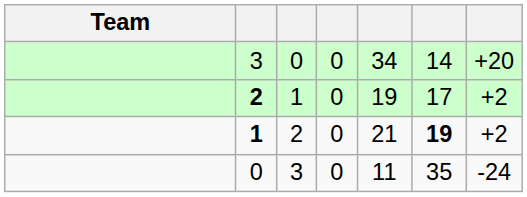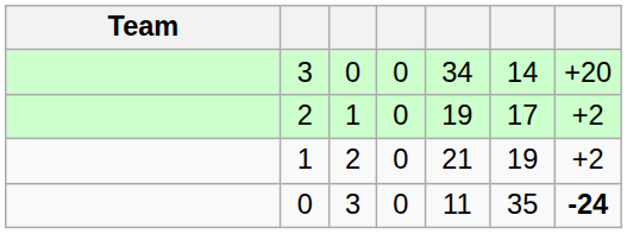 <table class="wikitable" style="text-align:center;">
 <tr>
 <th width=150>Team</th>
 <th width=20></th>
 <th width=20></th>
 <th width=20></th>
 <th width=30></th>
 <th width=30></th>
 <th width=30></th>
 </tr>
 <tr bgcolor="#ccffcc">
 <td align="left"></td>
 <td>3</td>
 <td>0</td>
 <td>0</td>
 <td>34</td>
 <td>14</td>
 <td>+20</td>
 </tr>
 <tr bgcolor="#ccffcc">
 <td align="left"></td>
-<td><strong>2</strong></td>
+<td>2</td>
 <td>1</td>
 <td>0</td>
 <td>19</td>
 <td>17</td>
 <td>+2</td>
 </tr>
 <tr bgcolor=>
 <td align="left"></td>
-<td><strong>1</strong></td>
+<td>1</td>
 <td>2</td>
 <td>0</td>
 <td>21</td>
-<td><strong>19</strong></td>
+<td>19</td>
 <td>+2</td>
 </tr>
 <tr bgcolor=>
 <td align="left"></td>
 <td>0</td>
 <td>3</td>
 <td>0</td>
 <td>11</td>
 <td>35</td>
-<td>-24</td>
+<td><strong>-24</strong></td>
 </tr>
 </table>
